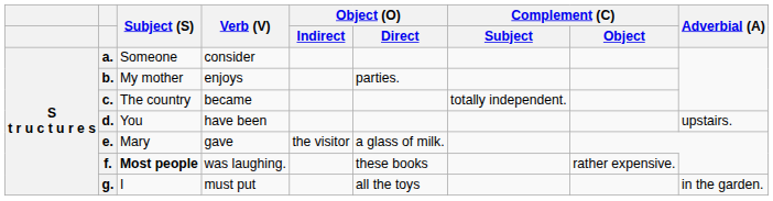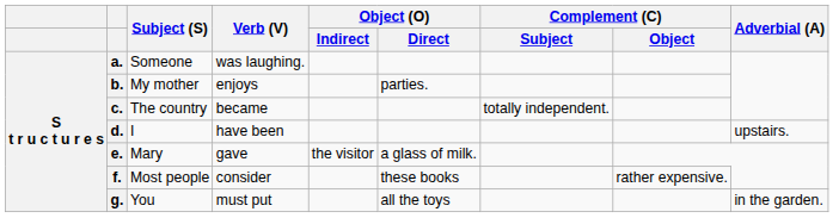 <table class="wikitable">
 <tr>
 <th></th>
 <th></th>
 <th rowspan="2"><a href='#'>Subject</a> (S)</th>
 <th rowspan="2"><a href='#'>Verb</a> (V)</th>
 <th colspan="2"><a href='#'>Object</a> (O)</th>
 <th colspan="2"><a href='#'>Complement</a> (C)</th>
 <th rowspan="2"><a href='#'>Adverbial</a> (A)</th>
 </tr>
 <tr>
 <th></th>
 <th></th>
 <th><a href='#'>Indirect</a></th>
 <th><a href='#'>Direct</a></th>
 <th><a href='#'>Subject</a></th>
 <th><a href='#'>Object</a></th>
 </tr>
 <tr>
 <th rowspan="7">S<br>t r u c t u r e s</th>
 <th>a.</th>
 <td>Someone</td>
-<td>consider</td>
+<td>was laughing.</td>
 <td></td>
 <td></td>
 <td></td>
 <td></td>
 </tr>
 <tr>
 <th>b.</th>
 <td>My mother</td>
 <td>enjoys</td>
 <td></td>
 <td>parties.</td>
 <td></td>
 <td></td>
 </tr>
 <tr>
 <th>c.</th>
 <td>The country</td>
 <td>became</td>
 <td></td>
 <td></td>
 <td>totally independent.</td>
 <td></td>
 </tr>
 <tr>
 <th>d.</th>
-<td>You</td>
+<td>I</td>
 <td>have been</td>
 <td></td>
 <td></td>
 <td></td>
 <td></td>
 <td>upstairs.</td>
 </tr>
 <tr>
 <th>e.</th>
 <td>Mary</td>
 <td>gave</td>
 <td>the visitor</td>
 <td>a glass of milk.</td>
 <td></td>
 </tr>
 <tr>
 <th>f.</th>
-<td><strong>Most people</strong></td>
-<td>was laughing.</td>
+<td>Most people</td>
+<td>consider</td>
 <td></td>
 <td>these books</td>
 <td></td>
 <td>rather expensive.</td>
 </tr>
 <tr>
 <th>g.</th>
-<td>I</td>
+<td>You</td>
 <td>must put</td>
 <td></td>
 <td>all the toys</td>
 <td></td>
 <td></td>
 <td>in the garden.</td>
 </tr>
 </table>
